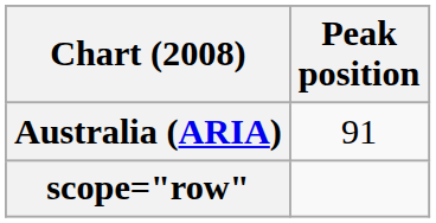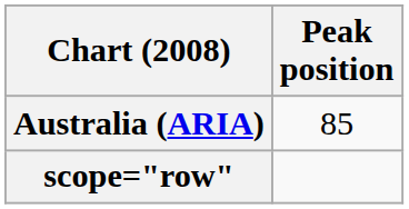 <table class="wikitable plainrowheaders sortable">
 <tr>
 <th scope="col">Chart (2008)</th>
 <th scope="col">Peak<br>position</th>
 </tr>
 <tr>
 <th scope="row">Australia (<a href='#'>ARIA</a>)</th>
-<td align="center">91</td>
+<td align="center">85</td>
 </tr>
 <tr>
 <th>scope="row"</th>
 </tr>
 </table>
